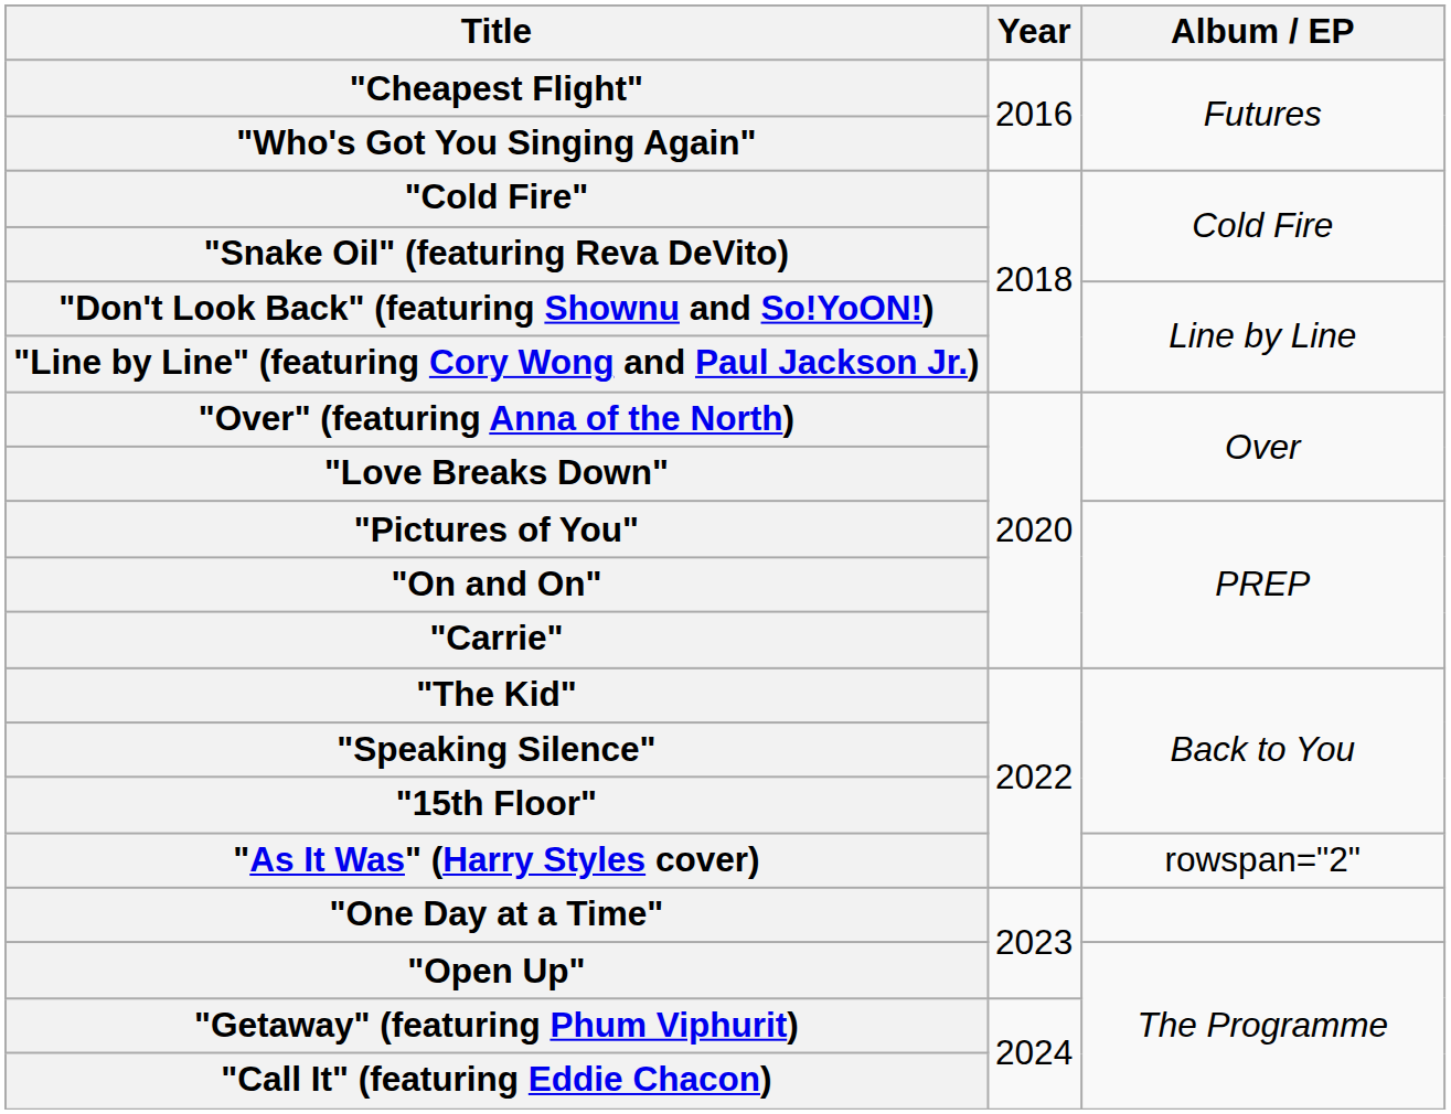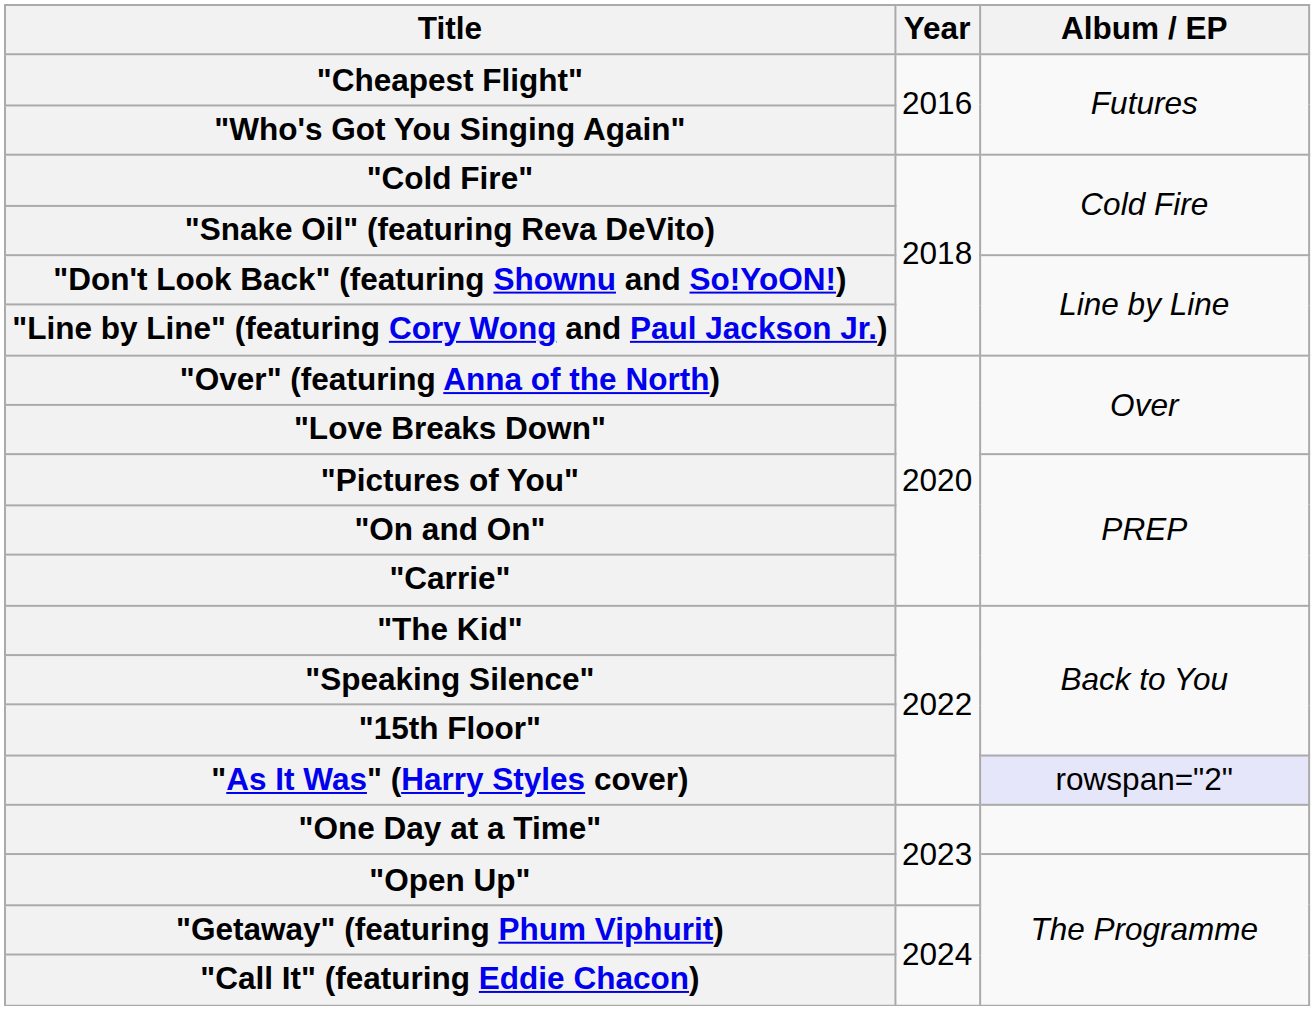 <table class="wikitable plainrowheaders" style="text-align:center;">
 <tr>
 <th scope="col">Title</th>
 <th scope="col">Year</th>
 <th scope="col" style="width:10em;">Album / EP</th>
 </tr>
 <tr>
 <th scope="row">"Cheapest Flight"</th>
 <td rowspan="2">2016</td>
 <td rowspan="2"><em>Futures</em></td>
 </tr>
 <tr>
 <th scope="row">"Who's Got You Singing Again"</th>
 </tr>
 <tr>
 <th scope="row">"Cold Fire"</th>
 <td rowspan="4">2018</td>
 <td rowspan="2"><em>Cold Fire</em></td>
 </tr>
 <tr>
 <th scope="row">"Snake Oil" (featuring Reva DeVito)</th>
 </tr>
 <tr>
 <th scope="row">"Don't Look Back" (featuring <a href='#'>Shownu</a> and <a href='#'>So!YoON!</a>)</th>
 <td rowspan="2"><em>Line by Line</em></td>
 </tr>
 <tr>
 <th scope="row">"Line by Line" (featuring <a href='#'>Cory Wong</a> and <a href='#'>Paul Jackson Jr.</a>)</th>
 </tr>
 <tr>
 <th scope="row">"Over" (featuring <a href='#'>Anna of the North</a>)</th>
 <td rowspan="5">2020</td>
 <td rowspan="2"><em>Over</em></td>
 </tr>
 <tr>
 <th scope="row">"Love Breaks Down"</th>
 </tr>
 <tr>
 <th scope="row">"Pictures of You"</th>
 <td rowspan="3"><em>PREP</em></td>
 </tr>
 <tr>
 <th scope="row">"On and On"</th>
 </tr>
 <tr>
 <th scope="row">"Carrie"</th>
 </tr>
 <tr>
 <th scope="row">"The Kid"</th>
 <td rowspan="4">2022</td>
 <td rowspan="3"><em>Back to You</em></td>
 </tr>
 <tr>
 <th scope="row">"Speaking Silence"</th>
 </tr>
 <tr>
 <th scope="row">"15th Floor"</th>
 </tr>
 <tr>
 <th scope="row">"<a href='#'>As It Was</a>" (<a href='#'>Harry Styles</a> cover)</th>
-<td>rowspan="2" </td>
+<td style="background: lavender;">rowspan="2" </td>
 </tr>
 <tr>
 <th scope="row">"One Day at a Time"</th>
 <td rowspan="2">2023</td>
 </tr>
 <tr>
 <th scope="row">"Open Up"</th>
 <td rowspan="3"><em>The Programme</em></td>
 </tr>
 <tr>
 <th scope="row">"Getaway" (featuring <a href='#'>Phum Viphurit</a>)</th>
 <td rowspan="2">2024</td>
 </tr>
 <tr>
 <th scope="row">"Call It" (featuring <a href='#'>Eddie Chacon</a>)</th>
 </tr>
 </table>
